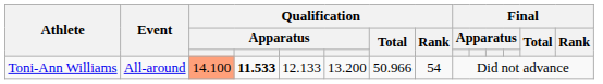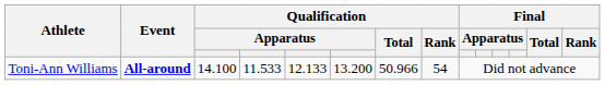 <table class="wikitable" style="font-size:90%">
 <tr>
 <th rowspan=3>Athlete</th>
 <th rowspan=3>Event</th>
 <th colspan=6>Qualification</th>
 <th colspan=6>Final</th>
 </tr>
 <tr style="font-size:95%">
 <th colspan=4>Apparatus</th>
 <th rowspan=2>Total</th>
 <th rowspan=2>Rank</th>
 <th colspan=4>Apparatus</th>
 <th rowspan=2>Total</th>
 <th rowspan=2>Rank</th>
 </tr>
 <tr style="font-size:95%">
 <th></th>
 <th></th>
 <th></th>
 <th></th>
 <th></th>
 <th></th>
 <th></th>
 <th></th>
 </tr>
 <tr align=center>
 <td align=left><a href='#'>Toni-Ann Williams</a></td>
-<td align=left><a href='#'>All-around</a></td>
-<td style="background: lightsalmon;">14.100</td>
-<td><strong>11.533</strong></td>
+<td align=left><strong><a href='#'>All-around</a></strong></td>
+<td>14.100</td>
+<td>11.533</td>
 <td>12.133</td>
 <td>13.200</td>
 <td>50.966</td>
 <td>54</td>
 <td colspan=6>Did not advance</td>
 </tr>
 </table>
